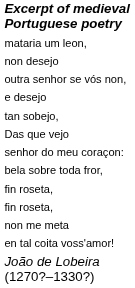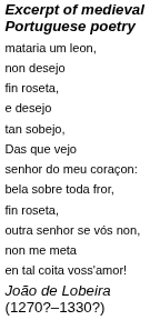 <table align="right" border="0" style="margin: 10px;">
 <tr>
 <th align="left"><em>Excerpt of medieval<br>Portuguese poetry</em></th>
 </tr>
 <tr>
 <td><small>mataria um leon,</small></td>
 </tr>
 <tr>
 <td><small>non desejo</small></td>
 </tr>
 <tr>
-<td><small>outra senhor se vós non,</small></td>
+<td><small>fin roseta,</small></td>
 </tr>
 <tr>
 <td><small>e desejo</small></td>
 </tr>
 <tr>
 <td><small>tan sobejo,</small></td>
 </tr>
 <tr>
 <td><small>Das que vejo</small></td>
 </tr>
 <tr>
 <td><small>senhor do meu coraçon:</small></td>
 </tr>
 <tr>
 <td><small>bela sobre toda fror,</small></td>
 </tr>
 <tr>
 <td><small>fin roseta,</small></td>
 </tr>
 <tr>
-<td><small>fin roseta,</small></td>
+<td><small>outra senhor se vós non,</small></td>
 </tr>
 <tr>
 <td><small>non me meta</small></td>
 </tr>
 <tr>
 <td><small>en tal coita voss'amor!</small></td>
 </tr>
 <tr>
 <td><em>João de Lobeira</em><br>(1270?–1330?)</td>
 </tr>
 </table>
